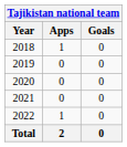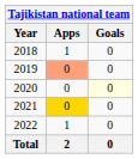 <table class="wikitable" style="text-align:center">
 <tr>
 <th colspan=3><a href='#'>Tajikistan national team</a></th>
 </tr>
 <tr>
 <th>Year</th>
 <th>Apps</th>
 <th>Goals</th>
 </tr>
 <tr>
 <td>2018</td>
 <td>1</td>
 <td>0</td>
 </tr>
 <tr>
 <td>2019</td>
-<td>0</td>
+<td style="background: lightsalmon;">0</td>
 <td>0</td>
 </tr>
 <tr>
 <td>2020</td>
 <td>0</td>
-<td>0</td>
+<td style="background: lightyellow;">0</td>
 </tr>
 <tr>
 <td>2021</td>
-<td>0</td>
+<td style="background: gold;">0</td>
 <td>0</td>
 </tr>
 <tr>
 <td>2022</td>
 <td>1</td>
 <td>0</td>
 </tr>
 <tr>
 <th>Total</th>
 <th>2</th>
 <th>0</th>
 </tr>
 </table>
